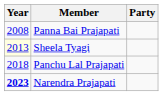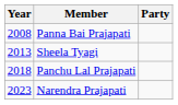 <table class="wikitable sortable">
 <tr>
 <th>Year</th>
 <th>Member</th>
 <th colspan=2>Party</th>
 </tr>
 <tr>
 <td><a href='#'>2008</a></td>
 <td><a href='#'>Panna Bai Prajapati</a></td>
 <td></td>
 </tr>
 <tr>
-<td style="background: lightyellow;"><a href='#'>2013</a></td>
+<td><a href='#'>2013</a></td>
 <td><a href='#'>Sheela Tyagi</a></td>
 <td></td>
 </tr>
 <tr>
 <td><a href='#'>2018</a></td>
 <td><a href='#'>Panchu Lal Prajapati</a></td>
 <td></td>
 </tr>
 <tr>
-<td><strong><a href='#'>2023</a></strong></td>
+<td><a href='#'>2023</a></td>
 <td><a href='#'>Narendra Prajapati</a></td>
 </tr>
 </table>
